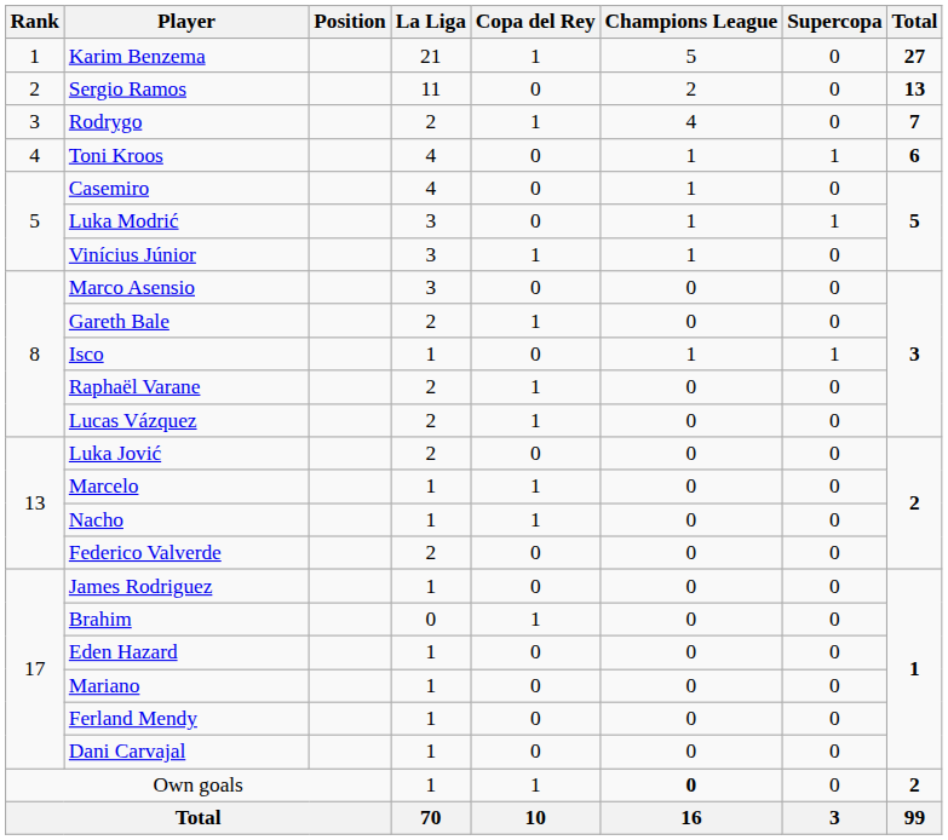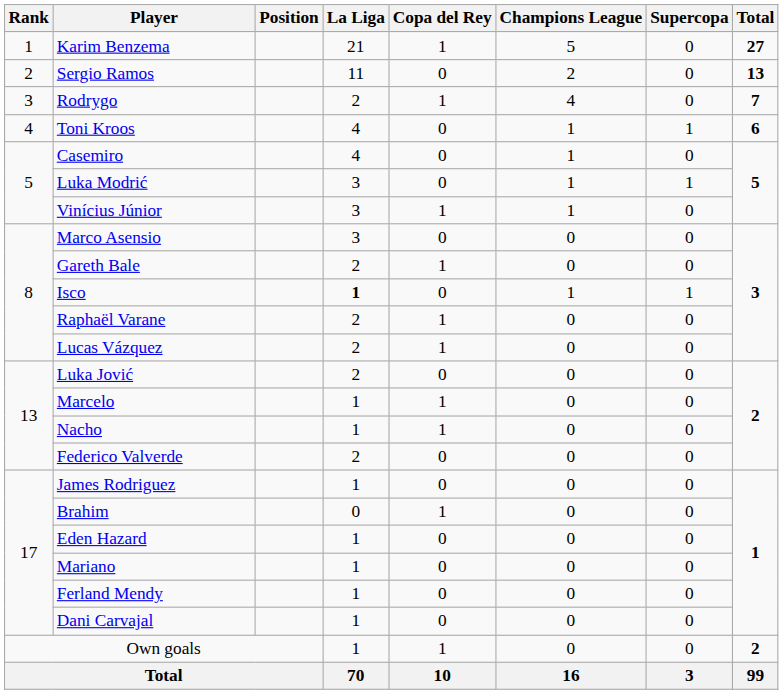 <table class="wikitable">
 <tr>
 <th>Rank</th>
 <th style="width:180px;">Player</th>
 <th>Position</th>
 <th>La Liga</th>
 <th>Copa del Rey</th>
 <th>Champions League</th>
 <th>Supercopa</th>
 <th>Total</th>
 </tr>
 <tr>
 <td align=center>1</td>
 <td> <a href='#'>Karim Benzema</a></td>
 <td align=center></td>
 <td align=center>21</td>
 <td align=center>1</td>
 <td align=center>5</td>
 <td align=center>0</td>
 <td align=center><strong>27</strong></td>
 </tr>
 <tr>
 <td align=center>2</td>
 <td> <a href='#'>Sergio Ramos</a></td>
 <td align=center></td>
 <td align=center>11</td>
 <td align=center>0</td>
 <td align=center>2</td>
 <td align=center>0</td>
 <td align=center><strong>13</strong></td>
 </tr>
 <tr>
 <td align=center>3</td>
 <td> <a href='#'>Rodrygo</a></td>
 <td align=center></td>
 <td align=center>2</td>
 <td align=center>1</td>
 <td align=center>4</td>
 <td align=center>0</td>
 <td align=center><strong>7</strong></td>
 </tr>
 <tr>
 <td align=center>4</td>
 <td> <a href='#'>Toni Kroos</a></td>
 <td align=center></td>
 <td align=center>4</td>
 <td align=center>0</td>
 <td align=center>1</td>
 <td align=center>1</td>
 <td align=center><strong>6</strong></td>
 </tr>
 <tr>
 <td align=center rowspan=3>5</td>
 <td> <a href='#'>Casemiro</a></td>
 <td align=center></td>
 <td align=center>4</td>
 <td align=center>0</td>
 <td align=center>1</td>
 <td align=center>0</td>
 <td align=center rowspan=3><strong>5</strong></td>
 </tr>
 <tr>
 <td> <a href='#'>Luka Modrić</a></td>
 <td align=center></td>
 <td align=center>3</td>
 <td align=center>0</td>
 <td align=center>1</td>
 <td align=center>1</td>
 </tr>
 <tr>
 <td> <a href='#'>Vinícius Júnior</a></td>
 <td align=center></td>
 <td align=center>3</td>
 <td align=center>1</td>
 <td align=center>1</td>
 <td align=center>0</td>
 </tr>
 <tr>
 <td align=center rowspan=5>8</td>
 <td> <a href='#'>Marco Asensio</a></td>
 <td align=center></td>
 <td align=center>3</td>
 <td align=center>0</td>
 <td align=center>0</td>
 <td align=center>0</td>
 <td align=center rowspan=5><strong>3</strong></td>
 </tr>
 <tr>
 <td> <a href='#'>Gareth Bale</a></td>
 <td align=center></td>
 <td align=center>2</td>
 <td align=center>1</td>
 <td align=center>0</td>
 <td align=center>0</td>
 </tr>
 <tr>
 <td> <a href='#'>Isco</a></td>
 <td align=center></td>
-<td align=center>1</td>
+<td align=center><strong>1</strong></td>
 <td align=center>0</td>
 <td align=center>1</td>
 <td align=center>1</td>
 </tr>
 <tr>
 <td> <a href='#'>Raphaël Varane</a></td>
 <td align=center></td>
 <td align=center>2</td>
 <td align=center>1</td>
 <td align=center>0</td>
 <td align=center>0</td>
 </tr>
 <tr>
 <td> <a href='#'>Lucas Vázquez</a></td>
 <td align=center></td>
 <td align=center>2</td>
 <td align=center>1</td>
 <td align=center>0</td>
 <td align=center>0</td>
 </tr>
 <tr>
 <td align=center rowspan=4>13</td>
 <td> <a href='#'>Luka Jović</a></td>
 <td align=center></td>
 <td align=center>2</td>
 <td align=center>0</td>
 <td align=center>0</td>
 <td align=center>0</td>
 <td align=center rowspan=4><strong>2</strong></td>
 </tr>
 <tr>
 <td> <a href='#'>Marcelo</a></td>
 <td align=center></td>
 <td align=center>1</td>
 <td align=center>1</td>
 <td align=center>0</td>
 <td align=center>0</td>
 </tr>
 <tr>
 <td> <a href='#'>Nacho</a></td>
 <td align=center></td>
 <td align=center>1</td>
 <td align=center>1</td>
 <td align=center>0</td>
 <td align=center>0</td>
 </tr>
 <tr>
 <td> <a href='#'>Federico Valverde</a></td>
 <td align=center></td>
 <td align=center>2</td>
 <td align=center>0</td>
 <td align=center>0</td>
 <td align=center>0</td>
 </tr>
 <tr>
 <td align=center rowspan=6>17</td>
 <td> <a href='#'>James Rodriguez</a></td>
 <td align=center></td>
 <td align=center>1</td>
 <td align=center>0</td>
 <td align=center>0</td>
 <td align=center>0</td>
 <td align=center rowspan=6><strong>1</strong></td>
 </tr>
 <tr>
 <td> <a href='#'>Brahim</a></td>
 <td align=center></td>
 <td align=center>0</td>
 <td align=center>1</td>
 <td align=center>0</td>
 <td align=center>0</td>
 </tr>
 <tr>
 <td> <a href='#'>Eden Hazard</a></td>
 <td align=center></td>
 <td align=center>1</td>
 <td align=center>0</td>
 <td align=center>0</td>
 <td align=center>0</td>
 </tr>
 <tr>
 <td> <a href='#'>Mariano</a></td>
 <td align=center></td>
 <td align=center>1</td>
 <td align=center>0</td>
 <td align=center>0</td>
 <td align=center>0</td>
 </tr>
 <tr>
 <td> <a href='#'>Ferland Mendy</a></td>
 <td align=center></td>
 <td align=center>1</td>
 <td align=center>0</td>
 <td align=center>0</td>
 <td align=center>0</td>
 </tr>
 <tr>
 <td> <a href='#'>Dani Carvajal</a></td>
 <td align=center></td>
 <td align=center>1</td>
 <td align=center>0</td>
 <td align=center>0</td>
 <td align=center>0</td>
 </tr>
 <tr>
 <td colspan=3 align=center>Own goals</td>
 <td align=center>1</td>
 <td align=center>1</td>
-<td align=center><strong>0</strong></td>
+<td align=center>0</td>
 <td align=center>0</td>
 <td align=center><strong>2</strong></td>
 </tr>
 <tr>
 <th align=center colspan=3>Total</th>
 <th align=center>70</th>
 <th align=center>10</th>
 <th align=center>16</th>
 <th align=center>3</th>
 <th align=center>99</th>
 </tr>
 </table>
